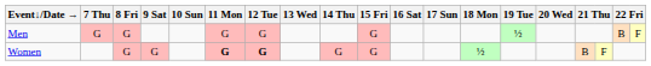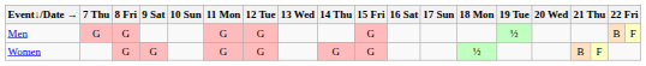 <table class="wikitable" style="margin:0.5em auto; font-size:90%; line-height:1.25em; text-align:center">
 <tr>
 <th>Event↓/Date →</th>
 <th>7 Thu</th>
 <th>8 Fri</th>
 <th>9 Sat</th>
 <th>10 Sun</th>
 <th>11 Mon</th>
 <th>12 Tue</th>
 <th>13 Wed</th>
 <th>14 Thu</th>
 <th>15 Fri</th>
 <th>16 Sat</th>
 <th>17 Sun</th>
 <th>18 Mon</th>
 <th>19 Tue</th>
 <th>20 Wed</th>
 <th colspan=2>21 Thu</th>
 <th colspan=2>22 Fri</th>
 </tr>
 <tr>
 <td style="text-align:left;"><a href='#'>Men</a></td>
 <td bgcolor="#FFBBBB">G</td>
 <td bgcolor="#FFBBBB">G</td>
 <td></td>
 <td></td>
 <td bgcolor="#FFBBBB">G</td>
 <td bgcolor="#FFBBBB">G</td>
 <td></td>
 <td></td>
 <td bgcolor="#FFBBBB">G</td>
 <td></td>
 <td></td>
 <td></td>
 <td bgcolor="#C0FFC0">½</td>
 <td></td>
 <td colspan=2></td>
 <td bgcolor="#FFE0C0">B</td>
 <td bgcolor="#FFFFC0">F</td>
 </tr>
 <tr>
 <td style="text-align:left;"><a href='#'>Women</a></td>
 <td></td>
 <td bgcolor="#FFBBBB">G</td>
 <td bgcolor="#FFBBBB">G</td>
 <td></td>
-<td bgcolor="#FFBBBB"><strong>G</strong></td>
-<td bgcolor="#FFBBBB"><strong>G</strong></td>
+<td bgcolor="#FFBBBB">G</td>
+<td bgcolor="#FFBBBB">G</td>
 <td></td>
 <td bgcolor="#FFBBBB">G</td>
 <td bgcolor="#FFBBBB">G</td>
 <td></td>
 <td></td>
 <td bgcolor="#C0FFC0">½</td>
 <td></td>
 <td></td>
 <td bgcolor="#FFE0C0">B</td>
 <td bgcolor="#FFFFC0">F</td>
 </tr>
 </table>
